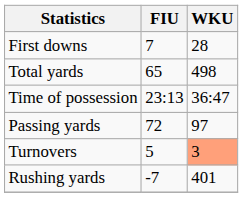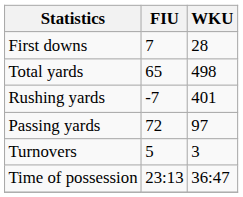 <table class="wikitable" style="float: left;">
 <tr>
 <th>Statistics</th>
 <th>FIU</th>
 <th>WKU</th>
 </tr>
 <tr>
 <td>First downs</td>
 <td>7</td>
 <td>28</td>
 </tr>
 <tr>
 <td>Total yards</td>
 <td>65</td>
 <td>498</td>
 </tr>
 <tr>
-<td>Time of possession</td>
-<td>23:13</td>
-<td>36:47</td>
+<td>Rushing yards</td>
+<td>-7</td>
+<td>401</td>
 </tr>
 <tr>
 <td>Passing yards</td>
 <td>72</td>
 <td>97</td>
 </tr>
 <tr>
 <td>Turnovers</td>
 <td>5</td>
-<td style="background: lightsalmon;">3</td>
+<td>3</td>
 </tr>
 <tr>
-<td>Rushing yards</td>
-<td>-7</td>
-<td>401</td>
+<td>Time of possession</td>
+<td>23:13</td>
+<td>36:47</td>
 </tr>
 <tr>
 </tr>
 </table>
